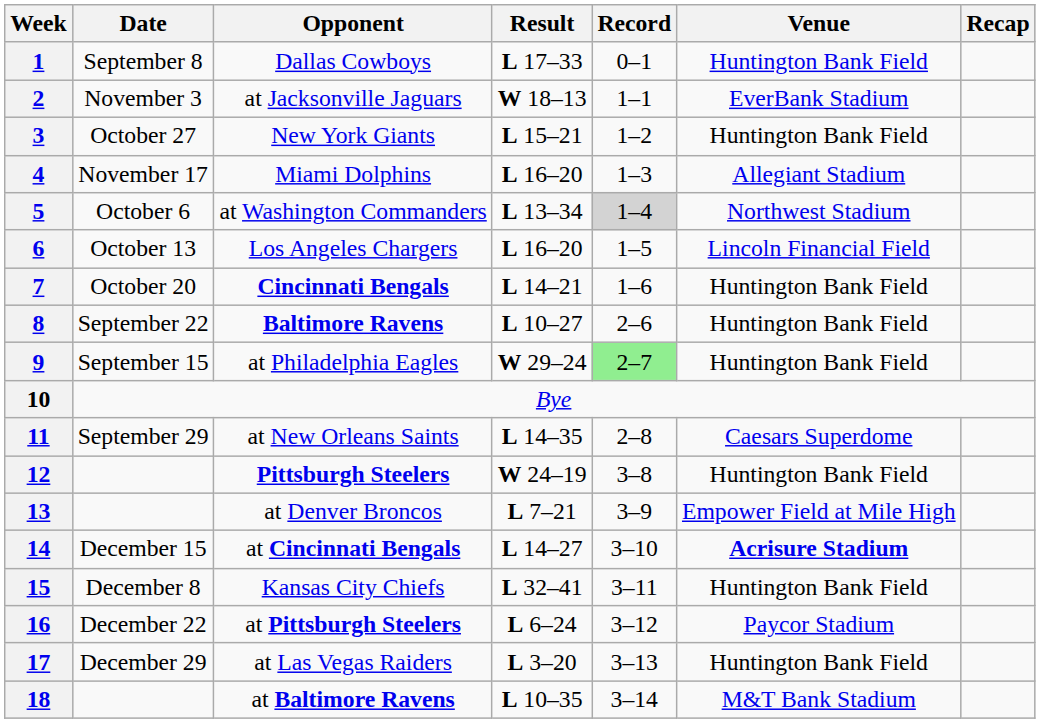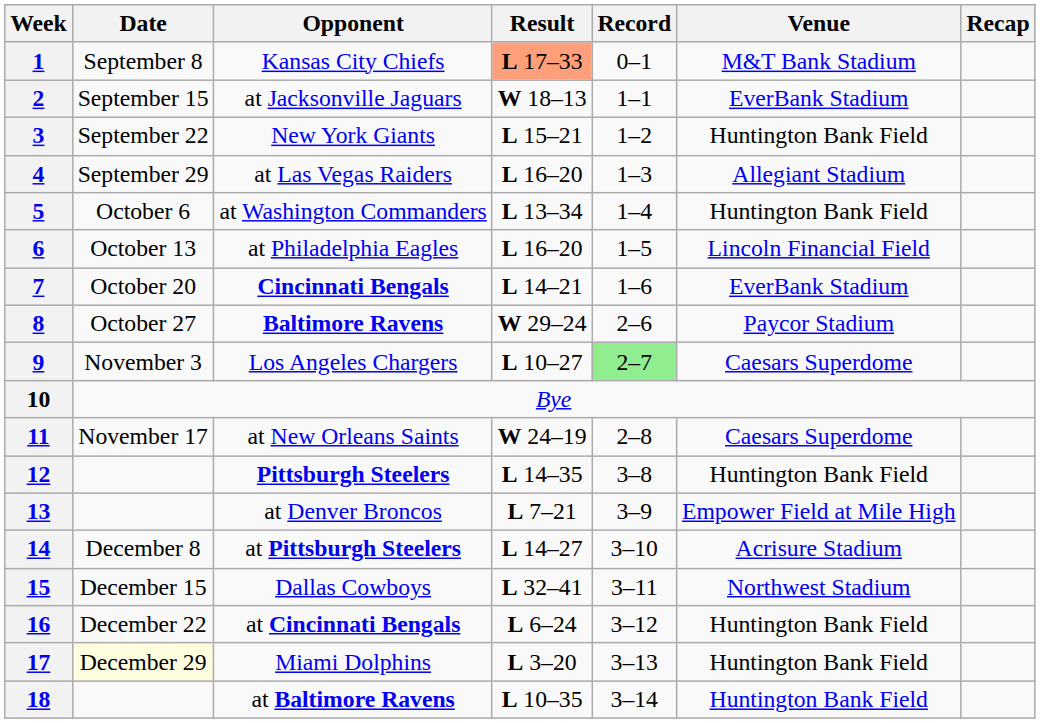 <table class="wikitable" style="text-align:center">
 <tr>
 <th>Week</th>
 <th>Date</th>
 <th>Opponent</th>
 <th>Result</th>
 <th>Record</th>
 <th>Venue</th>
 <th>Recap</th>
 </tr>
 <tr>
 <th><a href='#'>1</a></th>
 <td>September 8</td>
-<td><a href='#'>Dallas Cowboys</a></td>
-<td><strong>L</strong> 17–33</td>
+<td><a href='#'>Kansas City Chiefs</a></td>
+<td style="background: lightsalmon;"><strong>L</strong> 17–33</td>
 <td>0–1</td>
-<td><a href='#'>Huntington Bank Field</a></td>
+<td><a href='#'>M&T Bank Stadium</a></td>
 <td></td>
 </tr>
 <tr>
 <th><a href='#'>2</a></th>
-<td>November 3</td>
+<td>September 15</td>
 <td>at <a href='#'>Jacksonville Jaguars</a></td>
 <td><strong>W</strong> 18–13</td>
 <td>1–1</td>
 <td><a href='#'>EverBank Stadium</a></td>
 <td></td>
 </tr>
 <tr>
 <th><a href='#'>3</a></th>
-<td>October 27</td>
+<td>September 22</td>
 <td><a href='#'>New York Giants</a></td>
 <td><strong>L</strong> 15–21</td>
 <td>1–2</td>
 <td>Huntington Bank Field</td>
 <td></td>
 </tr>
 <tr>
 <th><a href='#'>4</a></th>
-<td>November 17</td>
-<td><a href='#'>Miami Dolphins</a></td>
+<td>September 29</td>
+<td>at <a href='#'>Las Vegas Raiders</a></td>
 <td><strong>L</strong> 16–20</td>
 <td>1–3</td>
 <td><a href='#'>Allegiant Stadium</a></td>
 <td></td>
 </tr>
 <tr>
 <th><a href='#'>5</a></th>
 <td>October 6</td>
 <td>at <a href='#'>Washington Commanders</a></td>
 <td><strong>L</strong> 13–34</td>
-<td style="background: lightgrey;">1–4</td>
-<td><a href='#'>Northwest Stadium</a></td>
+<td>1–4</td>
+<td>Huntington Bank Field</td>
 <td></td>
 </tr>
 <tr>
 <th><a href='#'>6</a></th>
 <td>October 13</td>
-<td><a href='#'>Los Angeles Chargers</a></td>
+<td>at <a href='#'>Philadelphia Eagles</a></td>
 <td><strong>L</strong> 16–20</td>
 <td>1–5</td>
 <td><a href='#'>Lincoln Financial Field</a></td>
 <td></td>
 </tr>
 <tr>
 <th><a href='#'>7</a></th>
 <td>October 20</td>
 <td><strong><a href='#'>Cincinnati Bengals</a></strong></td>
 <td><strong>L</strong> 14–21</td>
 <td>1–6</td>
-<td>Huntington Bank Field</td>
+<td><a href='#'>EverBank Stadium</a></td>
 <td></td>
 </tr>
 <tr>
 <th><a href='#'>8</a></th>
-<td>September 22</td>
+<td>October 27</td>
 <td><strong><a href='#'>Baltimore Ravens</a></strong></td>
-<td><strong>L</strong> 10–27</td>
+<td><strong>W</strong> 29–24</td>
 <td>2–6</td>
-<td>Huntington Bank Field</td>
+<td><a href='#'>Paycor Stadium</a></td>
 <td></td>
 </tr>
 <tr>
 <th><a href='#'>9</a></th>
-<td>September 15</td>
-<td>at <a href='#'>Philadelphia Eagles</a></td>
-<td><strong>W</strong> 29–24</td>
+<td>November 3</td>
+<td><a href='#'>Los Angeles Chargers</a></td>
+<td><strong>L</strong> 10–27</td>
 <td style="background: lightgreen;">2–7</td>
-<td>Huntington Bank Field</td>
+<td><a href='#'>Caesars Superdome</a></td>
 <td></td>
 </tr>
 <tr>
 <th>10</th>
 <td colspan="6"><em><a href='#'>Bye</a></em></td>
 </tr>
 <tr>
 <th><a href='#'>11</a></th>
-<td>September 29</td>
+<td>November 17</td>
 <td>at <a href='#'>New Orleans Saints</a></td>
-<td><strong>L</strong> 14–35</td>
+<td><strong>W</strong> 24–19</td>
 <td>2–8</td>
 <td><a href='#'>Caesars Superdome</a></td>
 <td></td>
 </tr>
 <tr>
 <th><a href='#'>12</a></th>
 <td></td>
 <td><strong><a href='#'>Pittsburgh Steelers</a></strong></td>
-<td><strong>W</strong> 24–19</td>
+<td><strong>L</strong> 14–35</td>
 <td>3–8</td>
 <td>Huntington Bank Field</td>
 <td></td>
 </tr>
 <tr>
 <th><a href='#'>13</a></th>
 <td></td>
 <td>at <a href='#'>Denver Broncos</a></td>
 <td><strong>L</strong> 7–21</td>
 <td>3–9</td>
 <td><a href='#'>Empower Field at Mile High</a></td>
 <td></td>
 </tr>
 <tr>
 <th><a href='#'>14</a></th>
-<td>December 15</td>
-<td>at <strong><a href='#'>Cincinnati Bengals</a></strong></td>
+<td>December 8</td>
+<td>at <strong><a href='#'>Pittsburgh Steelers</a></strong></td>
 <td><strong>L</strong> 14–27</td>
 <td>3–10</td>
-<td><strong><a href='#'>Acrisure Stadium</a></strong></td>
+<td><a href='#'>Acrisure Stadium</a></td>
 <td></td>
 </tr>
 <tr>
 <th><a href='#'>15</a></th>
-<td>December 8</td>
-<td><a href='#'>Kansas City Chiefs</a></td>
+<td>December 15</td>
+<td><a href='#'>Dallas Cowboys</a></td>
 <td><strong>L</strong> 32–41</td>
 <td>3–11</td>
-<td>Huntington Bank Field</td>
+<td><a href='#'>Northwest Stadium</a></td>
 <td></td>
 </tr>
 <tr>
 <th><a href='#'>16</a></th>
 <td>December 22</td>
-<td>at <strong><a href='#'>Pittsburgh Steelers</a></strong></td>
+<td>at <strong><a href='#'>Cincinnati Bengals</a></strong></td>
 <td><strong>L</strong> 6–24</td>
 <td>3–12</td>
-<td><a href='#'>Paycor Stadium</a></td>
+<td>Huntington Bank Field</td>
 <td></td>
 </tr>
 <tr>
 <th><a href='#'>17</a></th>
-<td>December 29</td>
-<td>at <a href='#'>Las Vegas Raiders</a></td>
+<td style="background: lightyellow;">December 29</td>
+<td><a href='#'>Miami Dolphins</a></td>
 <td><strong>L</strong> 3–20</td>
 <td>3–13</td>
 <td>Huntington Bank Field</td>
 <td></td>
 </tr>
 <tr>
 <th><a href='#'>18</a></th>
 <td></td>
 <td>at <strong><a href='#'>Baltimore Ravens</a></strong></td>
 <td><strong>L</strong> 10–35</td>
 <td>3–14</td>
-<td><a href='#'>M&T Bank Stadium</a></td>
+<td><a href='#'>Huntington Bank Field</a></td>
 <td></td>
 </tr>
 </table>
